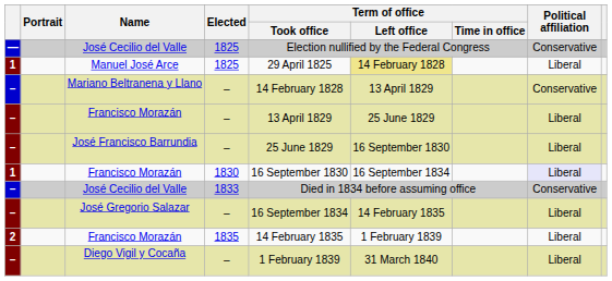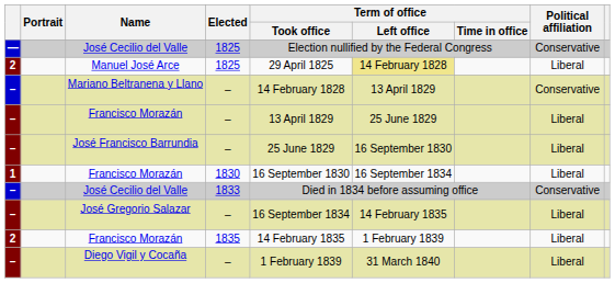 <table class="wikitable" style="text-align:center">
 <tr style="background:#cccccc">
 <th rowspan="2"></th>
 <th rowspan="2">Portrait</th>
 <th rowspan="2">Name<br></th>
 <th rowspan="2">Elected</th>
 <th colspan="3" width="100">Term of office</th>
 <th rowspan="2" width="100">Political affiliation</th>
 <th rowspan="2"></th>
 </tr>
 <tr>
 <th>Took office</th>
 <th>Left office</th>
 <th>Time in office</th>
 </tr>
 <tr style="background:#ccc">
 <th style="background:#0000CD; color:white">—</th>
 <td></td>
 <td><a href='#'>José Cecilio del Valle</a><br></td>
 <td><a href='#'>1825</a></td>
 <td colspan="3">Election nullified by the Federal Congress</td>
 <td>Conservative</td>
 <td></td>
 </tr>
 <tr>
-<th style="background:Maroon; color:white">1</th>
+<th style="background:Maroon; color:white">2</th>
 <td></td>
 <td><a href='#'>Manuel José Arce</a><br></td>
 <td><a href='#'>1825</a></td>
 <td>29 April 1825</td>
 <td style="background: khaki;">14 February 1828</td>
 <td></td>
 <td>Liberal</td>
 <td></td>
 </tr>
 <tr style="background:#E6E6AA">
 <th style="background:#0000CD; color:white">–</th>
 <td></td>
 <td><a href='#'>Mariano Beltranena y Llano</a><br><br></td>
 <td>–</td>
 <td>14 February 1828</td>
 <td>13 April 1829</td>
 <td></td>
 <td>Conservative</td>
 <td></td>
 </tr>
 <tr style="background:#E6E6AA">
 <th style="background:Maroon; color:white">–</th>
 <td></td>
 <td><a href='#'>Francisco Morazán</a><br><br></td>
 <td>–</td>
 <td>13 April 1829</td>
 <td>25 June 1829</td>
 <td></td>
 <td>Liberal</td>
 <td></td>
 </tr>
 <tr style="background:#E6E6AA">
 <th style="background:Maroon; color:white">–</th>
 <td></td>
 <td><a href='#'>José Francisco Barrundia</a><br><br></td>
 <td>–</td>
 <td>25 June 1829</td>
 <td>16 September 1830</td>
 <td></td>
 <td>Liberal</td>
 <td></td>
 </tr>
 <tr>
 <th style="background:Maroon; color:white">1</th>
 <td></td>
 <td><a href='#'>Francisco Morazán</a><br></td>
 <td><a href='#'>1830</a></td>
 <td>16 September 1830</td>
 <td>16 September 1834</td>
 <td></td>
-<td style="background: lavender;">Liberal</td>
+<td>Liberal</td>
 <td></td>
 </tr>
 <tr style="background:#ccc">
 <th style="background:MediumBlue; color:white">–</th>
 <td></td>
 <td><a href='#'>José Cecilio del Valle</a><br></td>
 <td><a href='#'>1833</a></td>
 <td colspan="3">Died in 1834 before assuming office</td>
 <td>Conservative</td>
 <td></td>
 </tr>
 <tr style="background:#E6E6AA">
 <th style="background:Maroon; color:white">–</th>
 <td></td>
 <td><a href='#'>José Gregorio Salazar</a><br><br></td>
 <td>–</td>
 <td>16 September 1834</td>
 <td>14 February 1835</td>
 <td></td>
 <td>Liberal</td>
 <td></td>
 </tr>
 <tr>
 <th style="background:Maroon; color:white">2</th>
 <td></td>
 <td><a href='#'>Francisco Morazán</a><br></td>
 <td><a href='#'>1835</a></td>
 <td>14 February 1835</td>
 <td>1 February 1839</td>
 <td></td>
 <td>Liberal</td>
 <td></td>
 </tr>
 <tr style="background:#E6E6AA">
 <th style="background:Maroon; color:white">–</th>
 <td></td>
 <td><a href='#'>Diego Vigil y Cocaña</a><br><br></td>
 <td>–</td>
 <td>1 February 1839</td>
 <td>31 March 1840</td>
 <td></td>
 <td>Liberal</td>
 <td></td>
 </tr>
 </table>
